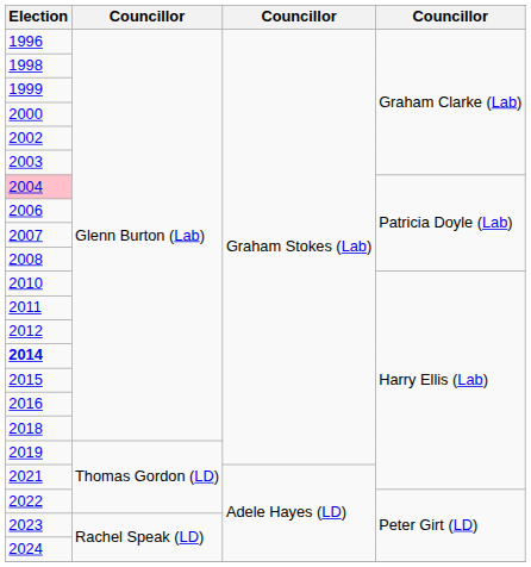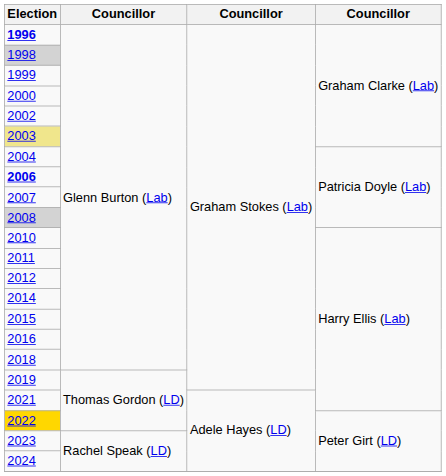 <table class="wikitable">
 <tr>
 <th>Election</th>
 <th>Councillor</th>
 <th>Councillor</th>
 <th>Councillor</th>
 </tr>
 <tr>
-<td><a href='#'>1996</a></td>
+<td><strong><a href='#'>1996</a></strong></td>
 <td rowspan="17">Glenn Burton (<a href='#'>Lab</a>)</td>
 <td rowspan="18">Graham Stokes (<a href='#'>Lab</a>)</td>
 <td rowspan="6">Graham Clarke (<a href='#'>Lab</a>)</td>
 </tr>
 <tr>
-<td><a href='#'>1998</a></td>
+<td style="background: lightgrey;"><a href='#'>1998</a></td>
 </tr>
 <tr>
 <td><a href='#'>1999</a></td>
 </tr>
 <tr>
 <td><a href='#'>2000</a></td>
 </tr>
 <tr>
 <td><a href='#'>2002</a></td>
 </tr>
 <tr>
-<td><a href='#'>2003</a></td>
+<td style="background: khaki;"><a href='#'>2003</a></td>
 </tr>
 <tr>
-<td style="background: pink;"><a href='#'>2004</a></td>
+<td><a href='#'>2004</a></td>
 <td rowspan="4">Patricia Doyle (<a href='#'>Lab</a>)</td>
 </tr>
 <tr>
-<td><a href='#'>2006</a></td>
+<td><strong><a href='#'>2006</a></strong></td>
 </tr>
 <tr>
 <td><a href='#'>2007</a></td>
 </tr>
 <tr>
-<td><a href='#'>2008</a></td>
+<td style="background: lightgrey;"><a href='#'>2008</a></td>
 </tr>
 <tr>
 <td><a href='#'>2010</a></td>
 <td rowspan="9">Harry Ellis (<a href='#'>Lab</a>)</td>
 </tr>
 <tr>
 <td><a href='#'>2011</a></td>
 </tr>
 <tr>
 <td><a href='#'>2012</a></td>
 </tr>
 <tr>
-<td><strong><a href='#'>2014</a></strong></td>
+<td><a href='#'>2014</a></td>
 </tr>
 <tr>
 <td><a href='#'>2015</a></td>
 </tr>
 <tr>
 <td><a href='#'>2016</a></td>
 </tr>
 <tr>
 <td><a href='#'>2018</a></td>
 </tr>
 <tr>
 <td><a href='#'>2019</a></td>
 <td rowspan="3">Thomas Gordon (<a href='#'>LD</a>)</td>
 </tr>
 <tr>
 <td><a href='#'>2021</a></td>
 <td rowspan="4">Adele Hayes (<a href='#'>LD</a>)</td>
 </tr>
 <tr>
-<td><a href='#'>2022</a></td>
+<td style="background: gold;"><a href='#'>2022</a></td>
 <td rowspan="3">Peter Girt (<a href='#'>LD</a>)</td>
 </tr>
 <tr>
 <td><a href='#'>2023</a></td>
 <td rowspan="2">Rachel Speak (<a href='#'>LD</a>)</td>
 </tr>
 <tr>
 <td><a href='#'>2024</a></td>
 </tr>
 <tr>
 </tr>
 </table>
